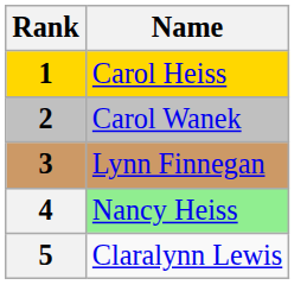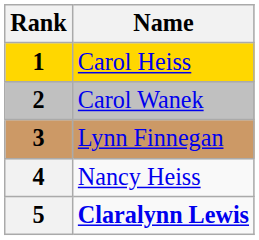 <table class="wikitable">
 <tr>
 <th>Rank</th>
 <th>Name</th>
 </tr>
 <tr bgcolor="gold">
 <td align="center"><strong>1</strong></td>
 <td><a href='#'>Carol Heiss</a></td>
 </tr>
 <tr bgcolor="silver">
 <td align="center"><strong>2</strong></td>
 <td><a href='#'>Carol Wanek</a></td>
 </tr>
 <tr bgcolor="cc9966">
 <td align="center"><strong>3</strong></td>
 <td><a href='#'>Lynn Finnegan</a></td>
 </tr>
 <tr>
 <th>4</th>
-<td style="background: lightgreen;"><a href='#'>Nancy Heiss</a></td>
+<td><a href='#'>Nancy Heiss</a></td>
 </tr>
 <tr>
 <th>5</th>
-<td><a href='#'>Claralynn Lewis</a></td>
+<td><strong><a href='#'>Claralynn Lewis</a></strong></td>
 </tr>
 </table>
